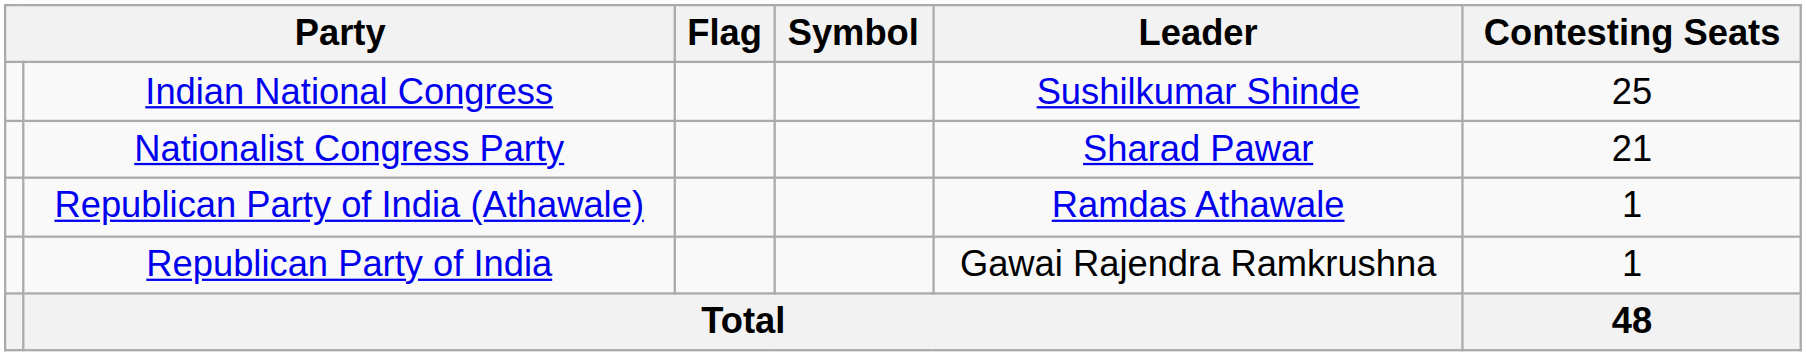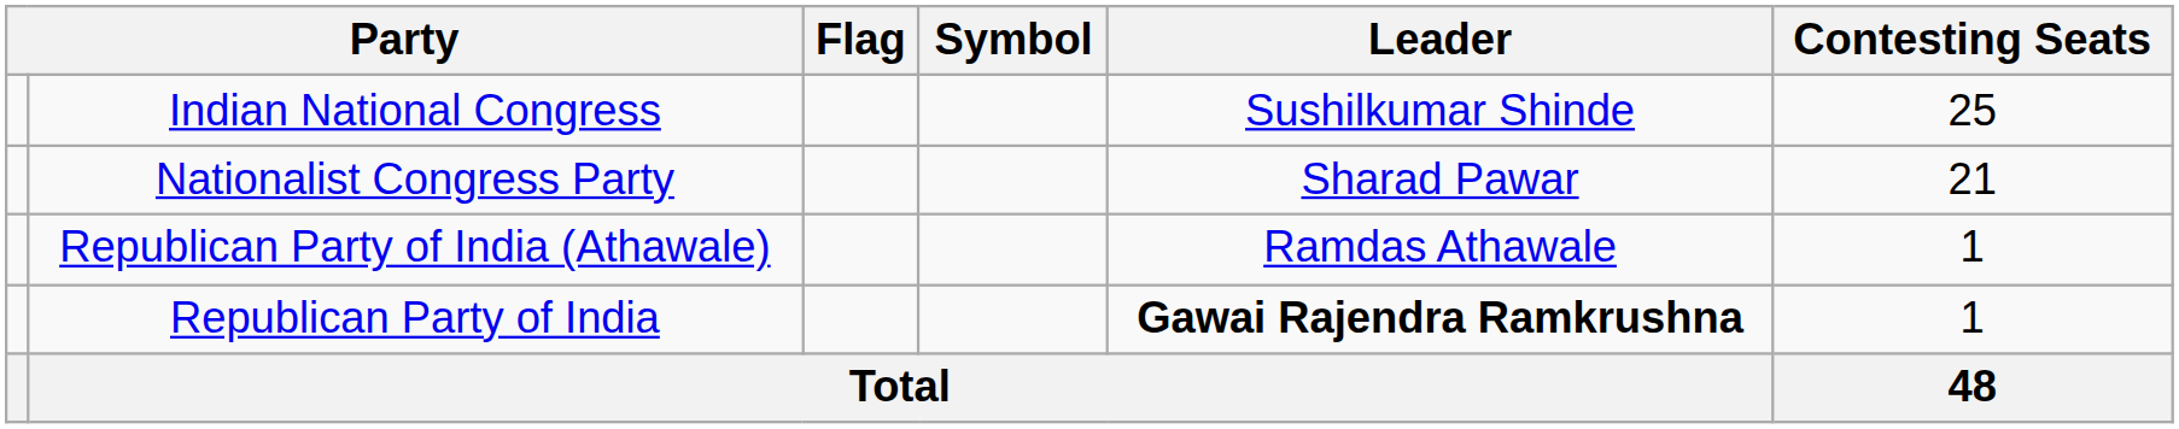 <table class="wikitable" width="50%" style="text-align:center">
 <tr>
 <th colspan="2">Party</th>
 <th>Flag</th>
 <th>Symbol</th>
 <th>Leader</th>
 <th>Contesting Seats</th>
 </tr>
 <tr>
 <td></td>
 <td><a href='#'>Indian National Congress</a></td>
 <td></td>
 <td></td>
 <td><a href='#'>Sushilkumar Shinde</a></td>
 <td>25</td>
 </tr>
 <tr>
 <td></td>
 <td><a href='#'>Nationalist Congress Party</a></td>
 <td></td>
 <td></td>
 <td><a href='#'>Sharad Pawar</a></td>
 <td>21</td>
 </tr>
 <tr>
 <td></td>
 <td><a href='#'>Republican Party of India (Athawale)</a></td>
 <td></td>
 <td></td>
 <td><a href='#'>Ramdas Athawale</a></td>
 <td>1</td>
 </tr>
 <tr>
 <td></td>
 <td><a href='#'>Republican Party of India</a></td>
 <td></td>
 <td></td>
-<td>Gawai Rajendra Ramkrushna</td>
+<td><strong>Gawai Rajendra Ramkrushna</strong></td>
 <td>1</td>
 </tr>
 <tr>
 <th></th>
 <th colspan="4">Total</th>
 <th>48</th>
 </tr>
 </table>
